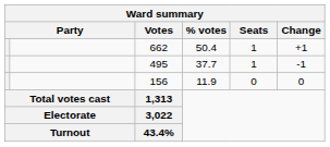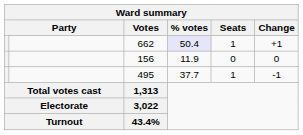 <table class="wikitable" style="font-size: 95%;">
 <tr style="background-color:#E9E9E9">
 <th colspan="6">Ward summary</th>
 </tr>
 <tr style="background-color:#E9E9E9">
 <th colspan="2">Party</th>
 <th style="width: 60px">Votes</th>
 <th style="width: 60px">% votes</th>
 <th style="width: 60px">Seats</th>
 <th style="width: 60px">Change</th>
 </tr>
 <tr>
 <th style="background-color: "></th>
 <td style="width: 170px"><a href='#'></a></td>
 <td align="center">662</td>
-<td align="center">50.4</td>
+<td align="center" style="background: lavender;">50.4</td>
 <td align="center">1</td>
 <td align="center">+1</td>
+</tr>
+<tr>
+<th style="background-color: "></th>
+<td style="width: 170px"><a href='#'></a></td>
+<td align="center">156</td>
+<td align="center">11.9</td>
+<td align="center">0</td>
+<td align="center">0</td>
 </tr>
 <tr>
 <th style="background-color: "></th>
 <td style="width: 170px"><a href='#'></a></td>
 <td align="center">495</td>
 <td align="center">37.7</td>
 <td align="center">1</td>
 <td align="center">-1</td>
-</tr>
-<tr>
-<th style="background-color: "></th>
-<td style="width: 170px"><a href='#'></a></td>
-<td align="center">156</td>
-<td align="center">11.9</td>
-<td align="center">0</td>
-<td align="center">0</td>
 </tr>
 <tr style="background-color:#E9E9E9">
 <th colspan="2">Total votes cast</th>
 <th style="width: 60px">1,313</th>
 </tr>
 <tr style="background-color:#E9E9E9">
 <th colspan="2">Electorate</th>
 <th style="width: 60px">3,022</th>
 </tr>
 <tr style="background-color:#E9E9E9">
 <th colspan="2">Turnout</th>
 <th style="width: 60px">43.4%</th>
 </tr>
 </table>
